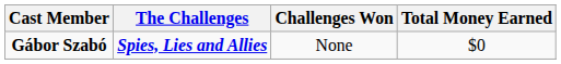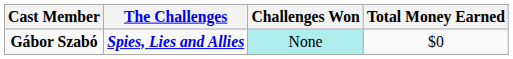 <table class="wikitable sortable" style="text-align: center">
 <tr>
 <th>Cast Member</th>
 <th><a href='#'>The Challenges</a></th>
 <th>Challenges Won</th>
 <th>Total Money Earned</th>
 </tr>
 <tr>
 <td><strong>Gábor Szabó</strong></td>
 <td><strong><em><a href='#'>Spies, Lies and Allies</a></em></strong></td>
-<td>None</td>
+<td style="background: paleturquoise;">None</td>
 <td>$0</td>
 </tr>
 <tr>
 </tr>
 </table>
